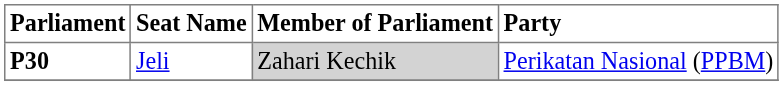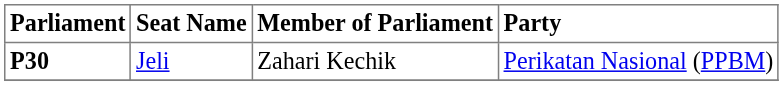 <table class="toccolours sortable" border="1" cellpadding="3" style="border-collapse:collapse; text-align: left;">
 <tr>
 <th align="center">Parliament</th>
 <th>Seat Name</th>
 <th>Member of Parliament</th>
 <th>Party</th>
 </tr>
 <tr>
 <th align="left">P30</th>
 <td><a href='#'>Jeli</a></td>
-<td style="background: lightgrey;">Zahari Kechik</td>
+<td>Zahari Kechik</td>
 <td><a href='#'>Perikatan Nasional</a> (<a href='#'>PPBM</a>)</td>
 </tr>
 <tr>
 </tr>
 </table>
